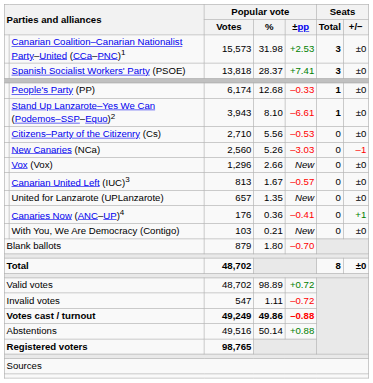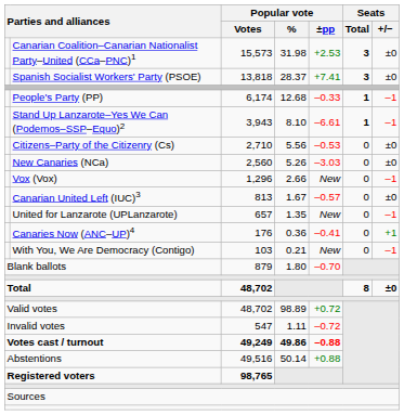 <table class="wikitable" style="text-align:right;">
 <tr>
 <th style="text-align:left;" rowspan="2" colspan="2" width="525">Parties and alliances</th>
 <th colspan="3">Popular vote</th>
 <th colspan="2">Seats</th>
 </tr>
 <tr>
 <th width="75">Votes</th>
 <th width="45">%</th>
 <th width="45">±<a href='#'>pp</a></th>
 <th width="35">Total</th>
 <th width="35">+/−</th>
 </tr>
 <tr>
 <td width="1" style="color:inherit;background:"></td>
 <td align="left"><a href='#'>Canarian Coalition–Canarian Nationalist Party</a>–<a href='#'>United</a> (<a href='#'>CCa</a>–<a href='#'>PNC</a>)<sup>1</sup></td>
 <td>15,573</td>
 <td>31.98</td>
 <td style="color:green;">+2.53</td>
 <td><strong>3</strong></td>
 <td>±0</td>
 </tr>
 <tr>
 <td style="color:inherit;background:"></td>
 <td align="left"><a href='#'>Spanish Socialist Workers' Party</a> (PSOE)</td>
 <td>13,818</td>
 <td>28.37</td>
 <td style="color:green;">+7.41</td>
 <td><strong>3</strong></td>
 <td>±0</td>
 </tr>
 <tr>
 <td colspan="7" bgcolor="#C0C0C0"></td>
 </tr>
 <tr>
 <td style="color:inherit;background:"></td>
 <td align="left"><a href='#'>People's Party</a> (PP)</td>
 <td>6,174</td>
 <td>12.68</td>
 <td style="color:red;">–0.33</td>
 <td><strong>1</strong></td>
-<td>±0</td>
+<td style="color:red;">–1</td>
 </tr>
 <tr>
 <td style="color:inherit;background:"></td>
 <td align="left"><a href='#'>Stand Up Lanzarote–Yes We Can</a> (<a href='#'>Podemos–SSP</a>–<a href='#'>Equo</a>)<sup>2</sup></td>
 <td>3,943</td>
 <td>8.10</td>
 <td style="color:red;">–6.61</td>
 <td><strong>1</strong></td>
-<td>±0</td>
+<td style="color:red;">–1</td>
 </tr>
 <tr>
 <td style="color:inherit;background:"></td>
 <td align="left"><a href='#'>Citizens–Party of the Citizenry</a> (Cs)</td>
 <td>2,710</td>
 <td>5.56</td>
 <td style="color:red;">–0.53</td>
 <td>0</td>
 <td>±0</td>
 </tr>
 <tr>
 <td style="color:inherit;background:"></td>
 <td align="left"><a href='#'>New Canaries</a> (NCa)</td>
 <td>2,560</td>
 <td>5.26</td>
 <td style="color:red;">–3.03</td>
 <td>0</td>
-<td style="color:red;">–1</td>
+<td>±0</td>
 </tr>
 <tr>
 <td style="color:inherit;background:"></td>
 <td align="left"><a href='#'>Vox</a> (Vox)</td>
 <td>1,296</td>
 <td>2.66</td>
 <td><em>New</em></td>
 <td>0</td>
-<td>±0</td>
+<td style="color:red;">–1</td>
 </tr>
 <tr>
 <td style="color:inherit;background:"></td>
 <td align="left"><a href='#'>Canarian United Left</a> (IUC)<sup>3</sup></td>
 <td>813</td>
 <td>1.67</td>
 <td style="color:red;">–0.57</td>
 <td>0</td>
 <td>±0</td>
 </tr>
 <tr>
 <td style="color:inherit;background:"></td>
 <td align="left">United for Lanzarote (UPLanzarote)</td>
 <td>657</td>
 <td>1.35</td>
 <td><em>New</em></td>
 <td>0</td>
-<td>±0</td>
+<td style="color:red;">–1</td>
 </tr>
 <tr>
 <td style="color:inherit;background:"></td>
 <td align="left"><a href='#'>Canaries Now</a> (<a href='#'>ANC</a>–<a href='#'>UP</a>)<sup>4</sup></td>
 <td>176</td>
 <td>0.36</td>
 <td style="color:red;">–0.41</td>
 <td>0</td>
 <td style="color:green;">+1</td>
 </tr>
 <tr>
 <td style="color:inherit;background:"></td>
 <td align="left">With You, We Are Democracy (Contigo)</td>
 <td>103</td>
 <td>0.21</td>
 <td><em>New</em></td>
 <td>0</td>
-<td>±0</td>
+<td style="color:red;">–1</td>
 </tr>
 <tr>
 <td align="left" colspan="2">Blank ballots</td>
 <td>879</td>
 <td>1.80</td>
 <td style="color:red;">–0.70</td>
 <td bgcolor="#E9E9E9" colspan="2"></td>
 </tr>
 <tr>
 <td colspan="7" bgcolor="#E9E9E9"></td>
 </tr>
 <tr style="font-weight:bold;">
 <td align="left" colspan="2">Total</td>
 <td>48,702</td>
 <td bgcolor="#E9E9E9" colspan="2"></td>
 <td>8</td>
 <td>±0</td>
 </tr>
 <tr>
 <td colspan="7" bgcolor="#E9E9E9"></td>
 </tr>
 <tr>
 <td align="left" colspan="2">Valid votes</td>
 <td>48,702</td>
 <td>98.89</td>
 <td style="color:green;">+0.72</td>
 <td bgcolor="#E9E9E9" colspan="2" rowspan="5"></td>
 </tr>
 <tr>
 <td align="left" colspan="2">Invalid votes</td>
 <td>547</td>
 <td>1.11</td>
 <td style="color:red;">–0.72</td>
 </tr>
 <tr style="font-weight:bold;">
 <td align="left" colspan="2">Votes cast / turnout</td>
 <td>49,249</td>
 <td>49.86</td>
 <td style="color:red;">–0.88</td>
 </tr>
 <tr>
 <td align="left" colspan="2">Abstentions</td>
 <td>49,516</td>
 <td>50.14</td>
 <td style="color:green;">+0.88</td>
 </tr>
 <tr style="font-weight:bold;">
 <td align="left" colspan="2">Registered voters</td>
 <td>98,765</td>
 <td bgcolor="#E9E9E9" colspan="2"></td>
 </tr>
 <tr>
 <td colspan="7" bgcolor="#E9E9E9"></td>
 </tr>
 <tr>
 <td align="left" colspan="7">Sources</td>
 </tr>
 <tr>
 <td colspan="9" style="text-align:left;font-size:95%;max-width:790px;"></td>
 </tr>
 </table>
